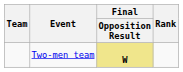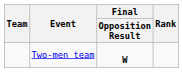 <table class=wikitable>
 <tr>
 <th rowspan=2>Team</th>
 <th rowspan=2>Event</th>
 <th>Final</th>
 <th rowspan=2>Rank</th>
 </tr>
 <tr>
 <th>Opposition <br> Result</th>
 </tr>
 <tr align=center>
 <td align=left><strong></strong></td>
 <td><a href='#'>Two-men team</a></td>
-<td style="background: khaki;"> <br> <strong>W</strong></td>
+<td> <br> <strong>W</strong></td>
 <td></td>
 </tr>
 </table>
